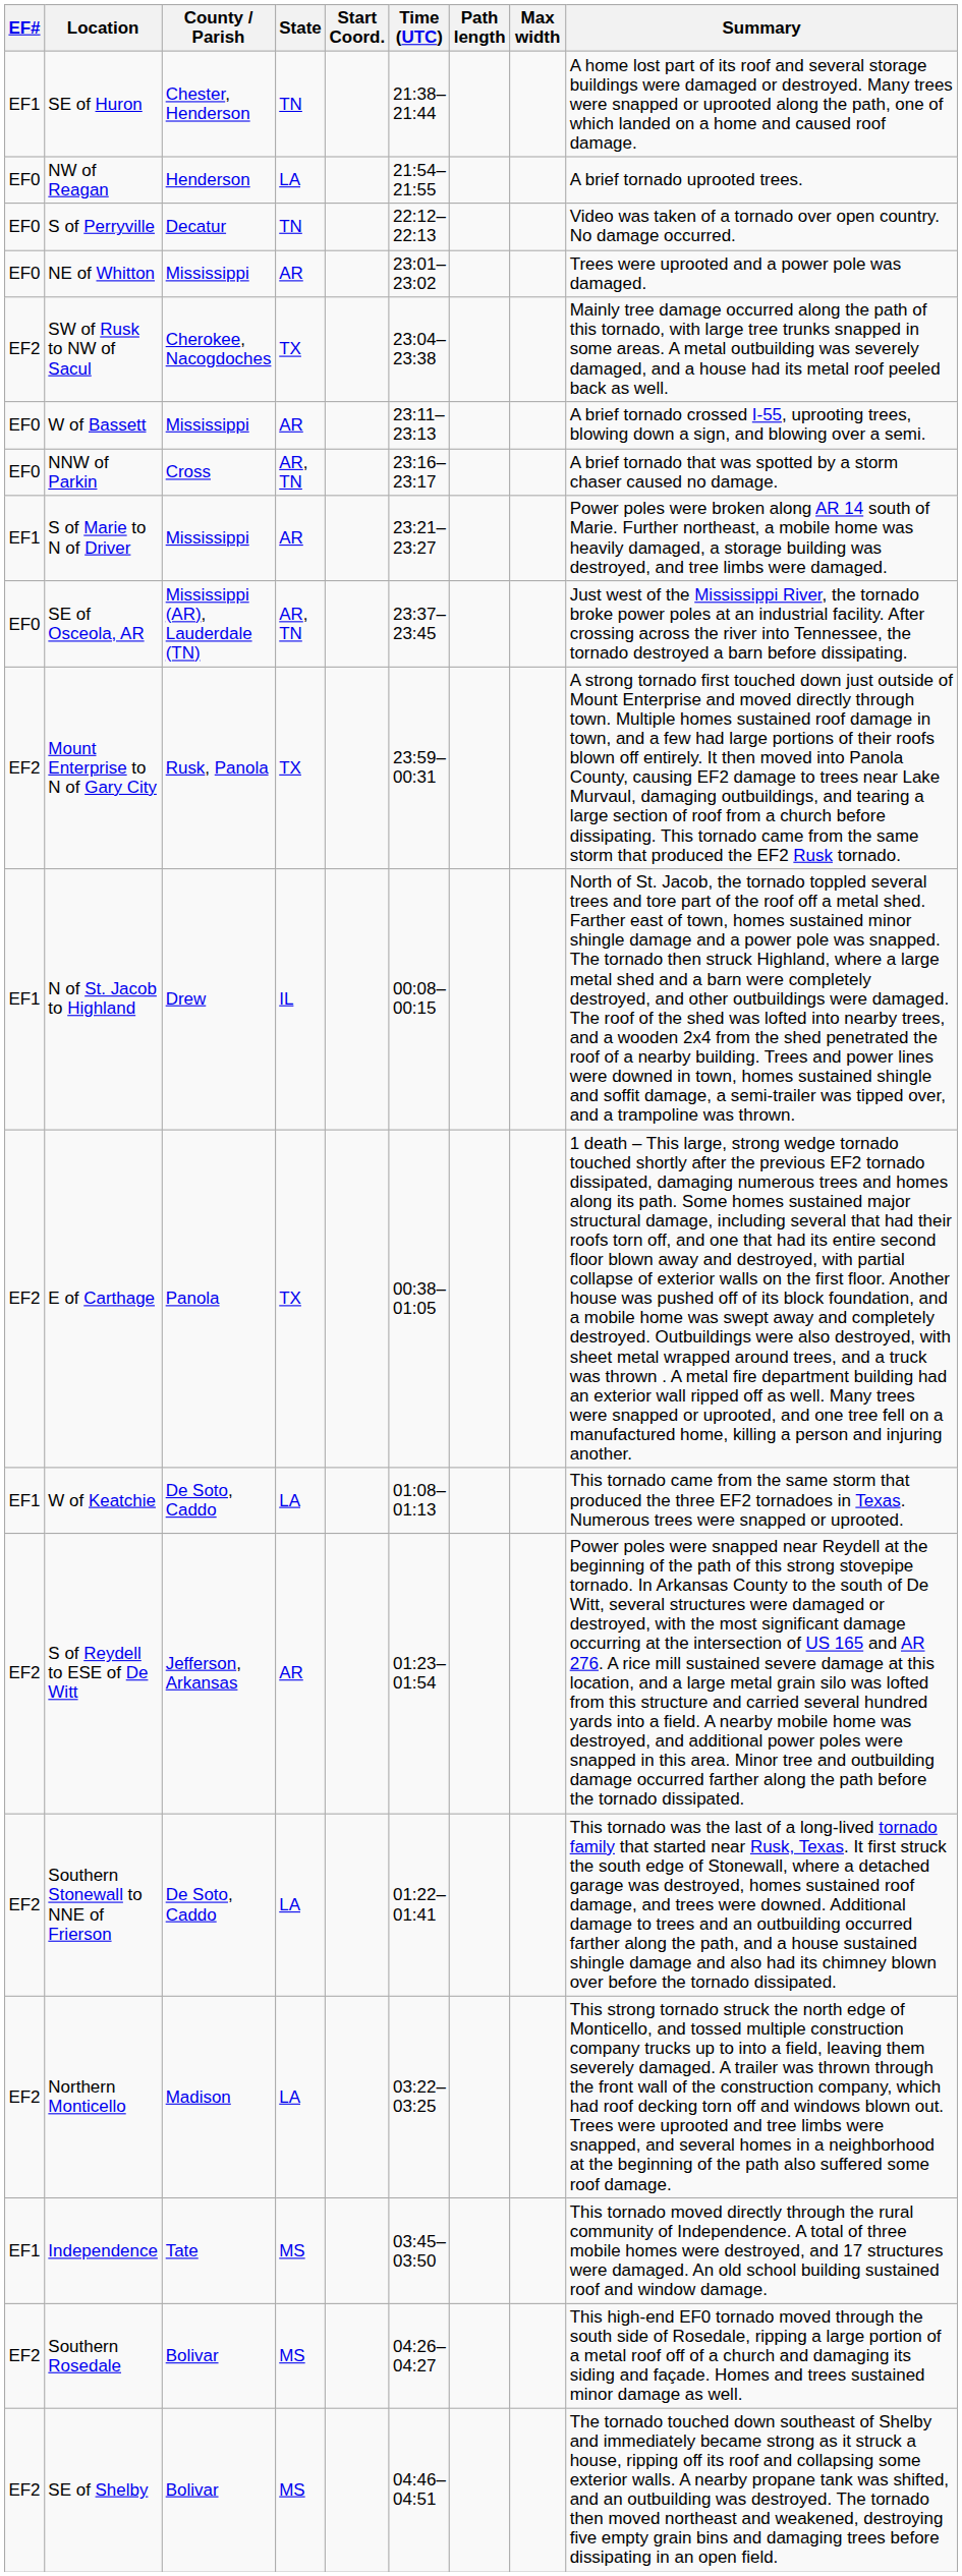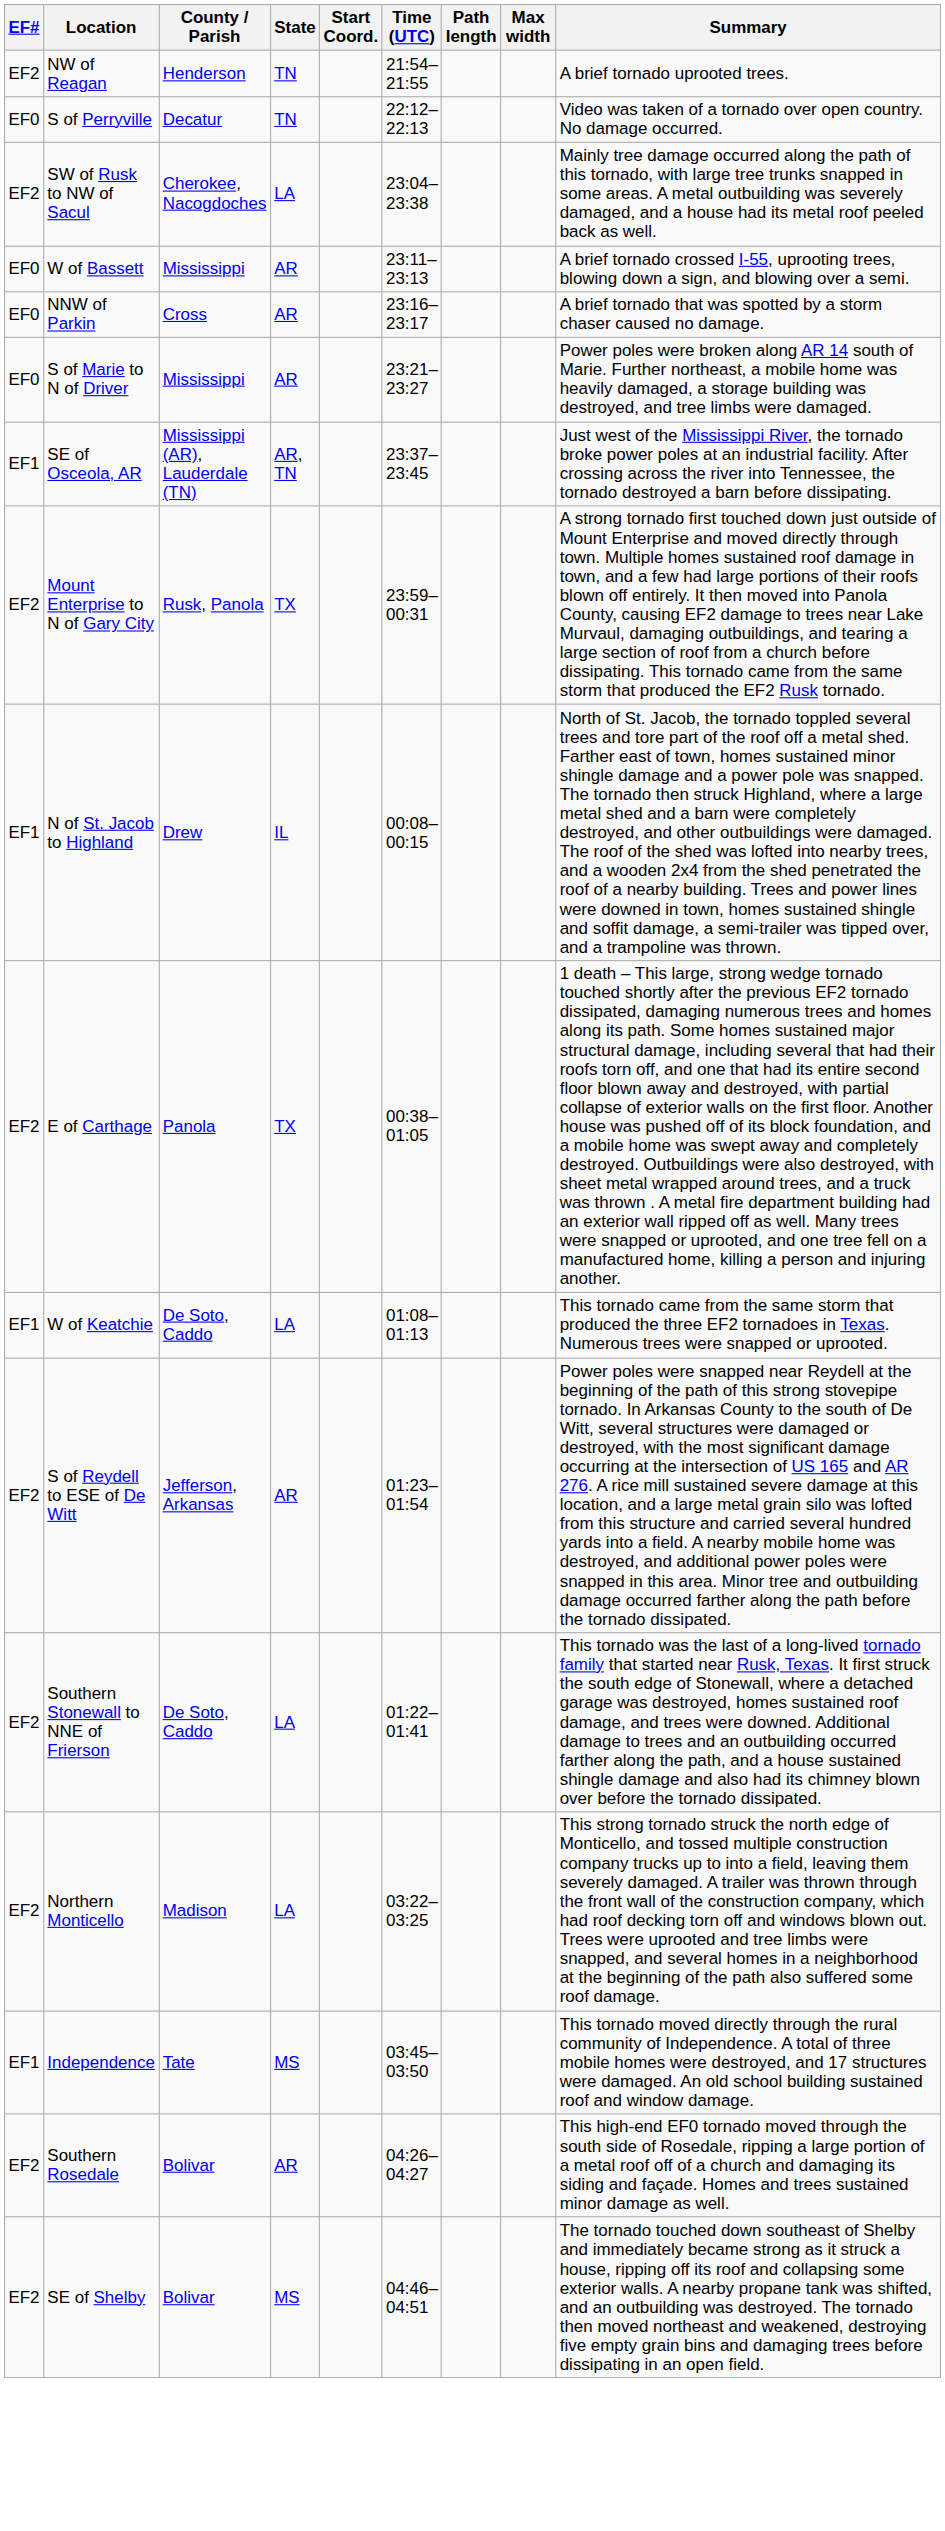 <table class="wikitable sortable" style="width:100%;">
 <tr>
 <th scope="col"  style="width:3%; text-align:center;"><a href='#'>EF#</a></th>
 <th scope="col"  style="width:7%; text-align:center;" class="unsortable">Location</th>
 <th scope="col"  style="width:6%; text-align:center;" class="unsortable">County / Parish</th>
 <th scope="col"  style="width:5%; text-align:center;">State</th>
 <th scope="col"  style="width:6%; text-align:center;">Start Coord.</th>
 <th scope="col"  style="width:6%; text-align:center;">Time (<a href='#'>UTC</a>)</th>
 <th scope="col"  style="width:6%; text-align:center;">Path length</th>
 <th scope="col"  style="width:6%; text-align:center;">Max width</th>
 <th scope="col" class="unsortable" style="width:48%; text-align:center;">Summary</th>
 </tr>
 <tr>
-<td>EF1</td>
-<td>SE of <a href='#'>Huron</a></td>
-<td><a href='#'>Chester</a>, <a href='#'>Henderson</a></td>
-<td><a href='#'>TN</a></td>
-<td></td>
-<td>21:38–21:44</td>
-<td></td>
-<td></td>
-<td>A home lost part of its roof and several storage buildings were damaged or destroyed. Many trees were snapped or uprooted along the path, one of which landed on a home and caused roof damage.</td>
-</tr>
-<tr>
-<td>EF0</td>
+<td>EF2</td>
 <td>NW of <a href='#'>Reagan</a></td>
 <td><a href='#'>Henderson</a></td>
-<td><a href='#'>LA</a></td>
+<td><a href='#'>TN</a></td>
 <td></td>
 <td>21:54–21:55</td>
 <td></td>
 <td></td>
 <td>A brief tornado uprooted trees.</td>
 </tr>
 <tr>
 <td>EF0</td>
 <td>S of <a href='#'>Perryville</a></td>
 <td><a href='#'>Decatur</a></td>
 <td><a href='#'>TN</a></td>
 <td></td>
 <td>22:12–22:13</td>
 <td></td>
 <td></td>
 <td>Video was taken of a tornado over open country. No damage occurred.</td>
 </tr>
 <tr>
-<td>EF0</td>
-<td>NE of <a href='#'>Whitton</a></td>
-<td><a href='#'>Mississippi</a></td>
-<td><a href='#'>AR</a></td>
-<td></td>
-<td>23:01–23:02</td>
-<td></td>
-<td></td>
-<td>Trees were uprooted and a power pole was damaged.</td>
-</tr>
-<tr>
 <td>EF2</td>
 <td>SW of <a href='#'>Rusk</a> to NW of <a href='#'>Sacul</a></td>
 <td><a href='#'>Cherokee</a>, <a href='#'>Nacogdoches</a></td>
-<td><a href='#'>TX</a></td>
+<td><a href='#'>LA</a></td>
 <td></td>
 <td>23:04–23:38</td>
 <td></td>
 <td></td>
 <td>Mainly tree damage occurred along the path of this tornado, with large tree trunks snapped in some areas. A metal outbuilding was severely damaged, and a house had its metal roof peeled back as well.</td>
 </tr>
 <tr>
 <td>EF0</td>
 <td>W of <a href='#'>Bassett</a></td>
 <td><a href='#'>Mississippi</a></td>
 <td><a href='#'>AR</a></td>
 <td></td>
 <td>23:11–23:13</td>
 <td></td>
 <td></td>
 <td>A brief tornado crossed <a href='#'>I-55</a>, uprooting trees, blowing down a sign, and blowing over a semi.</td>
 </tr>
 <tr>
 <td>EF0</td>
 <td>NNW of <a href='#'>Parkin</a></td>
 <td><a href='#'>Cross</a></td>
-<td><a href='#'>AR</a>, <a href='#'>TN</a></td>
+<td><a href='#'>AR</a></td>
 <td></td>
 <td>23:16–23:17</td>
 <td></td>
 <td></td>
 <td>A brief tornado that was spotted by a storm chaser caused no damage.</td>
 </tr>
 <tr>
-<td>EF1</td>
+<td>EF0</td>
 <td>S of <a href='#'>Marie</a> to N of <a href='#'>Driver</a></td>
 <td><a href='#'>Mississippi</a></td>
 <td><a href='#'>AR</a></td>
 <td></td>
 <td>23:21–23:27</td>
 <td></td>
 <td></td>
 <td>Power poles were broken along <a href='#'>AR 14</a> south of Marie. Further northeast, a mobile home was heavily damaged, a storage building was destroyed, and tree limbs were damaged.</td>
 </tr>
 <tr>
-<td>EF0</td>
+<td>EF1</td>
 <td>SE of <a href='#'>Osceola, AR</a></td>
 <td><a href='#'>Mississippi (AR)</a>, <a href='#'>Lauderdale (TN)</a></td>
 <td><a href='#'>AR</a>, <a href='#'>TN</a></td>
 <td></td>
 <td>23:37–23:45</td>
 <td></td>
 <td></td>
 <td>Just west of the <a href='#'>Mississippi River</a>, the tornado broke power poles at an industrial facility. After crossing across the river into Tennessee, the tornado destroyed a barn before dissipating.</td>
 </tr>
 <tr>
 <td>EF2</td>
 <td><a href='#'>Mount Enterprise</a> to N of <a href='#'>Gary City</a></td>
 <td><a href='#'>Rusk</a>, <a href='#'>Panola</a></td>
 <td><a href='#'>TX</a></td>
 <td></td>
 <td>23:59–00:31</td>
 <td></td>
 <td></td>
 <td>A strong tornado first touched down just outside of Mount Enterprise and moved directly through town. Multiple homes sustained roof damage in town, and a few had large portions of their roofs blown off entirely. It then moved into Panola County, causing EF2 damage to trees near Lake Murvaul, damaging outbuildings, and tearing a large section of roof from a church before dissipating. This tornado came from the same storm that produced the EF2 <a href='#'>Rusk</a> tornado.</td>
 </tr>
 <tr>
 <td>EF1</td>
 <td>N of <a href='#'>St. Jacob</a> to <a href='#'>Highland</a></td>
 <td><a href='#'>Drew</a></td>
 <td><a href='#'>IL</a></td>
 <td></td>
 <td>00:08–00:15</td>
 <td></td>
 <td></td>
 <td>North of St. Jacob, the tornado toppled several trees and tore part of the roof off a metal shed. Farther east of town, homes sustained minor shingle damage and a power pole was snapped. The tornado then struck Highland, where a large metal shed and a barn were completely destroyed, and other outbuildings were damaged. The roof of the shed was lofted into nearby trees, and a wooden 2x4 from the shed penetrated the roof of a nearby building. Trees and power lines were downed in town, homes sustained shingle and soffit damage, a semi-trailer was tipped over, and a trampoline was thrown.</td>
 </tr>
 <tr>
 <td>EF2</td>
 <td>E of <a href='#'>Carthage</a></td>
 <td><a href='#'>Panola</a></td>
 <td><a href='#'>TX</a></td>
 <td></td>
 <td>00:38–01:05</td>
 <td></td>
 <td></td>
 <td>1 death – This large, strong wedge tornado touched shortly after the previous EF2 tornado dissipated, damaging numerous trees and homes along its path. Some homes sustained major structural damage, including several that had their roofs torn off, and one that had its entire second floor blown away and destroyed, with partial collapse of exterior walls on the first floor. Another house was pushed off of its block foundation, and a mobile home was swept away and completely destroyed. Outbuildings were also destroyed, with sheet metal wrapped around trees, and a truck was thrown . A metal fire department building had an exterior wall ripped off as well. Many trees were snapped or uprooted, and one tree fell on a manufactured home, killing a person and injuring another.</td>
 </tr>
 <tr>
 <td>EF1</td>
 <td>W of <a href='#'>Keatchie</a></td>
 <td><a href='#'>De Soto</a>, <a href='#'>Caddo</a></td>
 <td><a href='#'>LA</a></td>
 <td></td>
 <td>01:08–01:13</td>
 <td></td>
 <td></td>
 <td>This tornado came from the same storm that produced the three EF2 tornadoes in <a href='#'>Texas</a>. Numerous trees were snapped or uprooted.</td>
 </tr>
 <tr>
 <td>EF2</td>
 <td>S of <a href='#'>Reydell</a> to ESE of <a href='#'>De Witt</a></td>
 <td><a href='#'>Jefferson</a>, <a href='#'>Arkansas</a></td>
 <td><a href='#'>AR</a></td>
 <td></td>
 <td>01:23–01:54</td>
 <td></td>
 <td></td>
 <td>Power poles were snapped near Reydell at the beginning of the path of this strong stovepipe tornado. In Arkansas County to the south of De Witt, several structures were damaged or destroyed, with the most significant damage occurring at the intersection of <a href='#'>US 165</a> and <a href='#'>AR 276</a>. A rice mill sustained severe damage at this location, and a large metal grain silo was lofted from this structure and carried several hundred yards into a field. A nearby mobile home was destroyed, and additional power poles were snapped in this area. Minor tree and outbuilding damage occurred farther along the path before the tornado dissipated.</td>
 </tr>
 <tr>
 <td>EF2</td>
 <td>Southern <a href='#'>Stonewall</a> to NNE of <a href='#'>Frierson</a></td>
 <td><a href='#'>De Soto</a>, <a href='#'>Caddo</a></td>
 <td><a href='#'>LA</a></td>
 <td></td>
 <td>01:22–01:41</td>
 <td></td>
 <td></td>
 <td>This tornado was the last of a long-lived <a href='#'>tornado family</a> that started near <a href='#'>Rusk, Texas</a>. It first struck the south edge of Stonewall, where a detached garage was destroyed, homes sustained roof damage, and trees were downed. Additional damage to trees and an outbuilding occurred farther along the path, and a house sustained shingle damage and also had its chimney blown over before the tornado dissipated.</td>
 </tr>
 <tr>
 <td>EF2</td>
 <td>Northern <a href='#'>Monticello</a></td>
 <td><a href='#'>Madison</a></td>
 <td><a href='#'>LA</a></td>
 <td></td>
 <td>03:22–03:25</td>
 <td></td>
 <td></td>
 <td>This strong tornado struck the north edge of Monticello, and tossed multiple construction company trucks up to  into a field, leaving them severely damaged. A trailer was thrown through the front wall of the construction company, which had roof decking torn off and windows blown out. Trees were uprooted and tree limbs were snapped, and several homes in a neighborhood at the beginning of the path also suffered some roof damage.</td>
 </tr>
 <tr>
 <td>EF1</td>
 <td><a href='#'>Independence</a></td>
 <td><a href='#'>Tate</a></td>
 <td><a href='#'>MS</a></td>
 <td></td>
 <td>03:45–03:50</td>
 <td></td>
 <td></td>
 <td>This tornado moved directly through the rural community of Independence. A total of three mobile homes were destroyed, and 17 structures were damaged. An old school building sustained roof and window damage.</td>
 </tr>
 <tr>
 <td>EF2</td>
 <td>Southern <a href='#'>Rosedale</a></td>
 <td><a href='#'>Bolivar</a></td>
-<td><a href='#'>MS</a></td>
+<td><a href='#'>AR</a></td>
 <td></td>
 <td>04:26–04:27</td>
 <td></td>
 <td></td>
 <td>This high-end EF0 tornado moved through the south side of Rosedale, ripping a large portion of a metal roof off of a church and damaging its siding and façade. Homes and trees sustained minor damage as well.</td>
 </tr>
 <tr>
 <td>EF2</td>
 <td>SE of <a href='#'>Shelby</a></td>
 <td><a href='#'>Bolivar</a></td>
 <td><a href='#'>MS</a></td>
 <td></td>
 <td>04:46–04:51</td>
 <td></td>
 <td></td>
 <td>The tornado touched down southeast of Shelby and immediately became strong as it struck a house, ripping off its roof and collapsing some exterior walls. A nearby propane tank was shifted, and an outbuilding was destroyed. The tornado then moved northeast and weakened, destroying five empty grain bins and damaging trees before dissipating in an open field.</td>
 </tr>
 <tr>
 </tr>
 </table>
